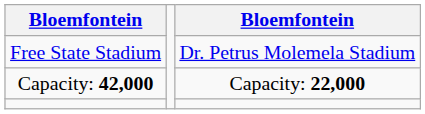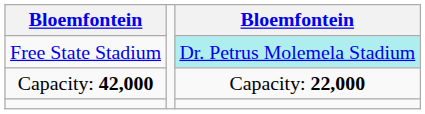 <table class="wikitable" style="text-align:center; margin:0.2em auto;">
 <tr>
 <th><a href='#'>Bloemfontein</a></th>
 <td rowspan="4"></td>
 <th><a href='#'>Bloemfontein</a></th>
 </tr>
 <tr>
 <td><a href='#'>Free State Stadium</a></td>
-<td><a href='#'>Dr. Petrus Molemela Stadium</a></td>
+<td style="background: paleturquoise;"><a href='#'>Dr. Petrus Molemela Stadium</a></td>
 </tr>
 <tr>
 <td>Capacity: <strong>42,000</strong></td>
 <td>Capacity: <strong>22,000</strong></td>
 </tr>
 <tr>
 <td></td>
 <td></td>
 </tr>
 </table>
